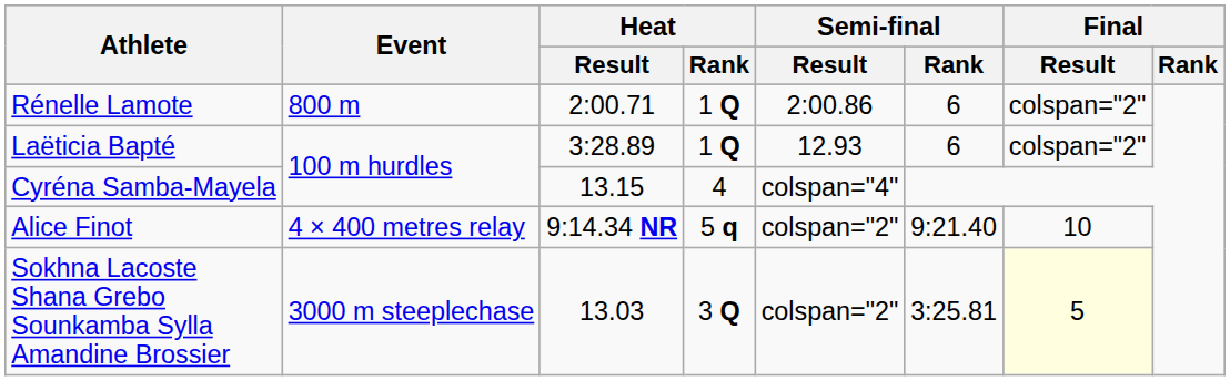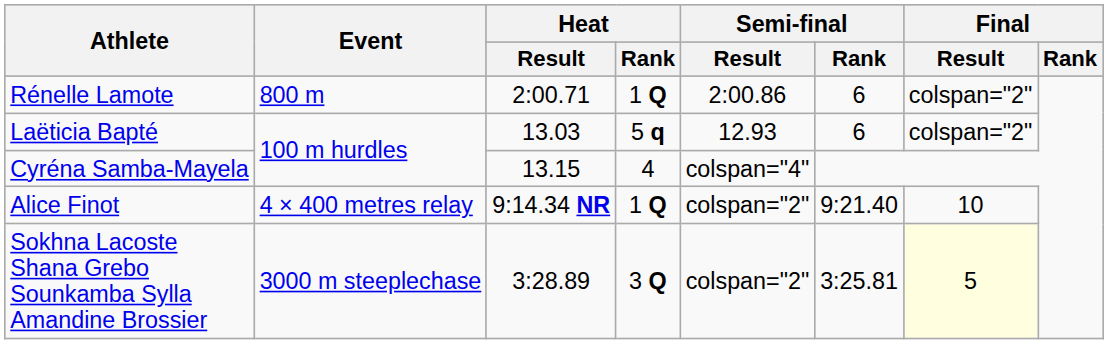 <table class="wikitable" style="font-size:90%">
 <tr>
 <th rowspan="2">Athlete</th>
 <th rowspan="2">Event</th>
 <th colspan="2">Heat</th>
 <th colspan="2">Semi-final</th>
 <th colspan="2">Final</th>
 </tr>
 <tr style="font-size:95%">
 <th>Result</th>
 <th>Rank</th>
 <th>Result</th>
 <th>Rank</th>
 <th>Result</th>
 <th>Rank</th>
 </tr>
 <tr align=center>
 <td align=left><a href='#'>Rénelle Lamote</a></td>
 <td align=left><a href='#'>800 m</a></td>
 <td>2:00.71</td>
 <td>1 <strong>Q</strong></td>
 <td>2:00.86</td>
 <td>6</td>
 <td>colspan="2" </td>
 </tr>
 <tr align=center>
 <td align=left><a href='#'>Laëticia Bapté</a></td>
 <td rowspan="2" align=left><a href='#'>100 m hurdles</a></td>
-<td>3:28.89 </td>
-<td>1 <strong>Q</strong></td>
+<td>13.03</td>
+<td>5 <strong>q</strong></td>
 <td>12.93</td>
 <td>6</td>
 <td>colspan="2" </td>
 </tr>
 <tr align=center>
 <td align=left><a href='#'>Cyréna Samba-Mayela</a></td>
 <td>13.15</td>
 <td>4</td>
 <td>colspan="4" </td>
 </tr>
 <tr align=center>
 <td align=left><a href='#'>Alice Finot</a></td>
 <td align=left><a href='#'>4 × 400 metres relay</a></td>
 <td>9:14.34 <strong><a href='#'>NR</a></strong></td>
-<td>5 <strong>q</strong></td>
+<td>1 <strong>Q</strong></td>
 <td>colspan="2" </td>
 <td>9:21.40</td>
 <td>10</td>
 </tr>
 <tr align=center>
 <td align=left><a href='#'>Sokhna Lacoste</a><br><a href='#'>Shana Grebo</a><br><a href='#'>Sounkamba Sylla</a><br><a href='#'>Amandine Brossier</a></td>
 <td align=left><a href='#'>3000 m steeplechase</a></td>
-<td>13.03</td>
+<td>3:28.89 </td>
 <td>3 <strong>Q</strong></td>
 <td>colspan="2" </td>
 <td>3:25.81 </td>
 <td style="background: lightyellow;">5</td>
 </tr>
 </table>
